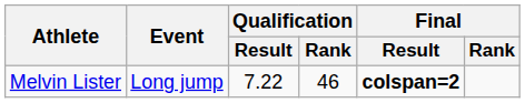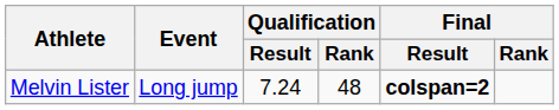 <table class=wikitable style=font-size:90%;text-align:center>
 <tr>
 <th rowspan=2>Athlete</th>
 <th rowspan=2>Event</th>
 <th colspan=2>Qualification</th>
 <th colspan=2>Final</th>
 </tr>
 <tr style=font-size:95%>
 <th>Result</th>
 <th>Rank</th>
 <th>Result</th>
 <th>Rank</th>
 </tr>
 <tr>
 <td align=left><a href='#'>Melvin Lister</a></td>
 <td align=left><a href='#'>Long jump</a></td>
-<td>7.22</td>
-<td>46</td>
+<td>7.24</td>
+<td>48</td>
 <td><strong>colspan=2 </strong></td>
 </tr>
 </table>
